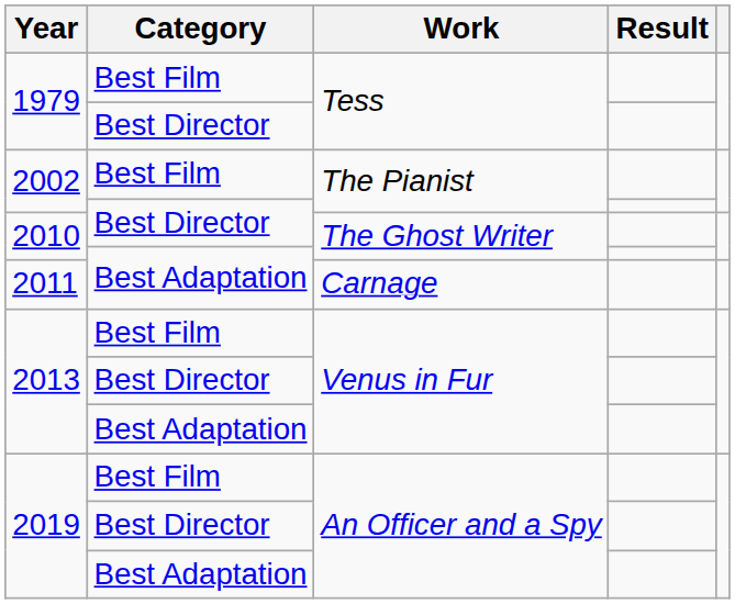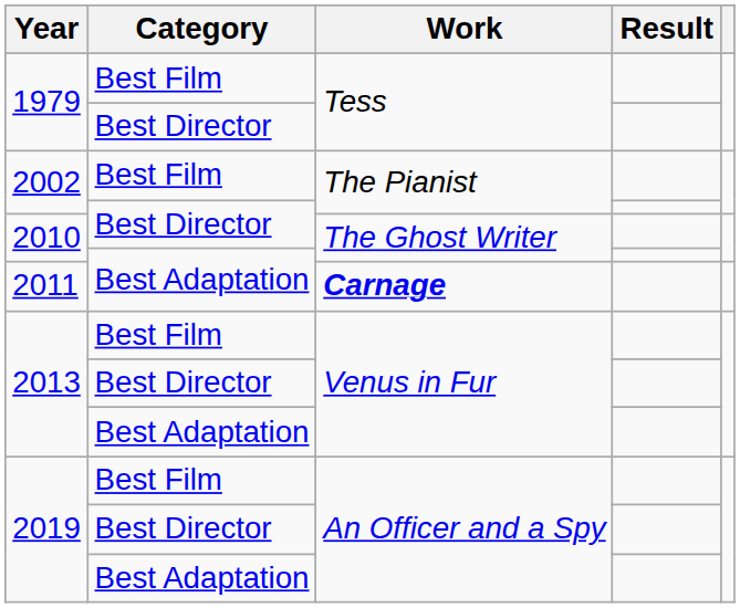 <table class="wikitable">
 <tr>
 <th>Year</th>
 <th>Category</th>
 <th>Work</th>
 <th>Result</th>
 <th></th>
 </tr>
 <tr>
 <td rowspan=2><a href='#'>1979</a></td>
 <td><a href='#'>Best Film</a></td>
 <td rowspan=2><em>Tess</em></td>
 <td></td>
 <td rowspan=2></td>
 </tr>
 <tr>
 <td><a href='#'>Best Director</a></td>
 <td></td>
 </tr>
 <tr>
 <td rowspan=2><a href='#'>2002</a></td>
 <td><a href='#'>Best Film</a></td>
 <td rowspan=2><em>The Pianist</em></td>
 <td></td>
 <td rowspan=2></td>
 </tr>
 <tr>
 <td rowspan="2"><a href='#'>Best Director</a></td>
 <td></td>
 </tr>
 <tr>
 <td rowspan=2><a href='#'>2010</a></td>
 <td rowspan=2><em><a href='#'>The Ghost Writer</a></em></td>
 <td></td>
 <td rowspan=2></td>
 </tr>
 <tr>
 <td rowspan="2"><a href='#'>Best Adaptation</a></td>
 <td></td>
 </tr>
 <tr>
 <td><a href='#'>2011</a></td>
-<td><em><a href='#'>Carnage</a></em></td>
+<td><strong><em><a href='#'>Carnage</a></em></strong></td>
 <td></td>
 <td></td>
 </tr>
 <tr>
 <td rowspan=3><a href='#'>2013</a></td>
 <td><a href='#'>Best Film</a></td>
 <td rowspan=3><em><a href='#'>Venus in Fur</a></em></td>
 <td></td>
 <td rowspan=3></td>
 </tr>
 <tr>
 <td><a href='#'>Best Director</a></td>
 <td></td>
 </tr>
 <tr>
 <td><a href='#'>Best Adaptation</a></td>
 <td></td>
 </tr>
 <tr>
 <td rowspan=3><a href='#'>2019</a></td>
 <td><a href='#'>Best Film</a></td>
 <td rowspan=3><em><a href='#'>An Officer and a Spy</a></em></td>
 <td></td>
 <td rowspan=3></td>
 </tr>
 <tr>
 <td><a href='#'>Best Director</a></td>
 <td></td>
 </tr>
 <tr>
 <td><a href='#'>Best Adaptation</a></td>
 <td></td>
 </tr>
 </table>
